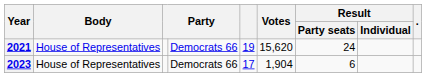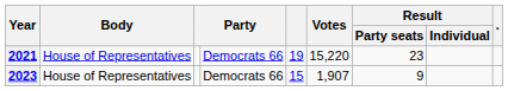 <table class="wikitable plainrowheaders sortable" border=2 cellpadding=4 cellspacing=0 style="border: 1px #aaa solid; font-size: 90%; text-align:center;">
 <tr>
 <th scope="col" rowspan=2>Year</th>
 <th scope="col" rowspan=2>Body</th>
 <th scope="col" colspan=2 rowspan=2>Party</th>
 <th scope="col" rowspan=2></th>
 <th scope="col" rowspan=2>Votes</th>
 <th scope="colgroup" colspan=2>Result</th>
 <th scope="col" rowspan=2 class="unsortable">.</th>
 </tr>
 <tr>
 <th scope="col">Party seats</th>
 <th scope="col">Individual</th>
 </tr>
 <tr>
 <th scope="row"><a href='#'>2021</a></th>
 <td><a href='#'>House of Representatives</a></td>
 <td style="background-color:"></td>
 <td><a href='#'>Democrats 66</a></td>
 <td style=text-align:right><a href='#'>19</a></td>
-<td style=text-align:right>15,620</td>
-<td style=text-align:right>24</td>
+<td style=text-align:right>15,220</td>
+<td style=text-align:right>23</td>
 <td></td>
 <td></td>
 </tr>
 <tr>
 <th scope="row"><a href='#'>2023</a></th>
 <td>House of Representatives</td>
 <td style="background-color:"></td>
 <td>Democrats 66</td>
-<td style=text-align:right><a href='#'>17</a></td>
-<td style=text-align:right>1,904</td>
-<td style=text-align:right>6</td>
+<td style=text-align:right><a href='#'>15</a></td>
+<td style=text-align:right>1,907</td>
+<td style=text-align:right>9</td>
 <td></td>
 <td></td>
 </tr>
 </table>
